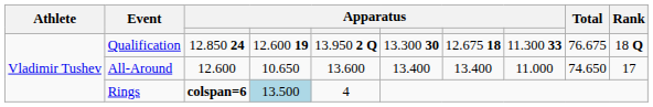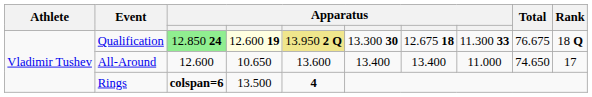 <table class="wikitable" style="font-size:90%">
 <tr>
 <th rowspan=2>Athlete</th>
 <th rowspan=2>Event</th>
 <th colspan =6>Apparatus</th>
 <th rowspan=2>Total</th>
 <th rowspan=2>Rank</th>
 </tr>
 <tr style="font-size:95%">
 <th></th>
 <th></th>
 <th></th>
 <th></th>
 <th></th>
 <th></th>
 </tr>
 <tr align=center>
 <td align=left rowspan=3><a href='#'>Vladimir Tushev</a></td>
 <td align=left><a href='#'>Qualification</a></td>
-<td>12.850	<strong>24</strong></td>
-<td>12.600	<strong>19</strong></td>
-<td>13.950	<strong>2 Q</strong></td>
+<td style="background: lightgreen;">12.850	<strong>24</strong></td>
+<td style="background: lightyellow;">12.600	<strong>19</strong></td>
+<td style="background: khaki;">13.950	<strong>2 Q</strong></td>
 <td>13.300	<strong>30</strong></td>
 <td>12.675	<strong>18</strong></td>
 <td>11.300	<strong>33</strong></td>
 <td>76.675</td>
 <td>18 <strong>Q</strong></td>
 </tr>
 <tr align=center>
 <td align=left><a href='#'>All-Around</a></td>
 <td>12.600</td>
 <td>10.650</td>
 <td>13.600</td>
 <td>13.400</td>
 <td>13.400</td>
 <td>11.000</td>
 <td>74.650</td>
 <td>17</td>
 </tr>
 <tr align=center>
 <td align=left><a href='#'>Rings</a></td>
 <td><strong>colspan=6 </strong></td>
-<td style="background: lightblue;">13.500</td>
-<td>4</td>
+<td>13.500</td>
+<td><strong>4</strong></td>
 </tr>
 </table>
